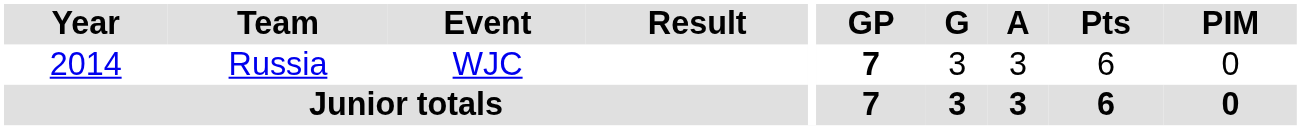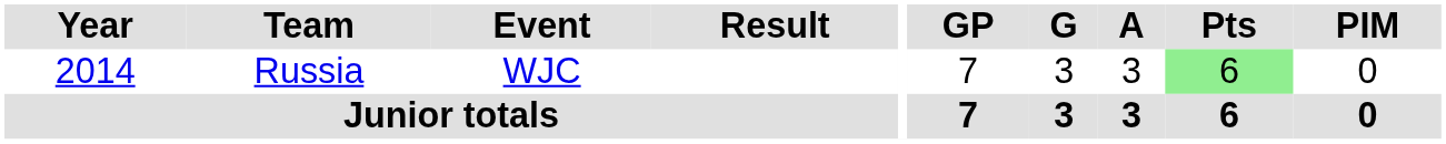 <table border="0" cellpadding="1" cellspacing="0" ID="Table3" style="text-align:center; width:40em">
 <tr ALIGN="center" bgcolor="#e0e0e0">
 <th>Year</th>
 <th>Team</th>
 <th>Event</th>
 <th>Result</th>
 <th rowspan="99" bgcolor="#ffffff"></th>
 <th>GP</th>
 <th>G</th>
 <th>A</th>
 <th>Pts</th>
 <th>PIM</th>
 </tr>
 <tr>
 <td><a href='#'>2014</a></td>
 <td><a href='#'>Russia</a></td>
 <td><a href='#'>WJC</a></td>
 <td></td>
-<td><strong>7</strong></td>
+<td>7</td>
 <td>3</td>
 <td>3</td>
-<td>6</td>
+<td style="background: lightgreen;">6</td>
 <td>0</td>
 </tr>
 <tr bgcolor="#e0e0e0">
 <th colspan="4">Junior totals</th>
 <th>7</th>
 <th>3</th>
 <th>3</th>
 <th>6</th>
 <th>0</th>
 </tr>
 </table>
